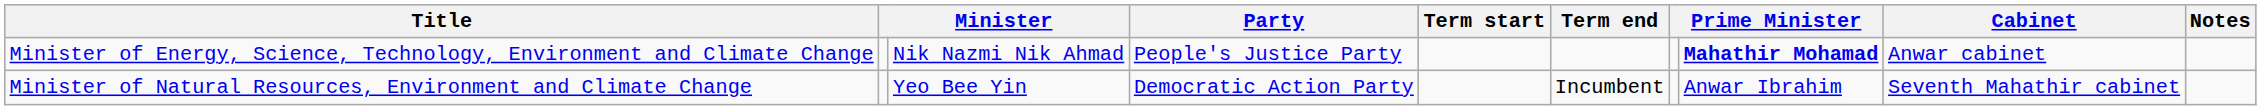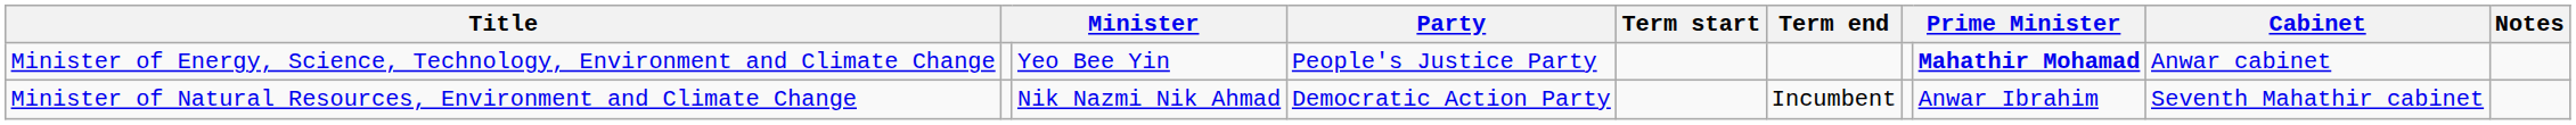 <table class="wikitable sortable">
 <tr>
 <th>Title</th>
 <th colspan=2><a href='#'>Minister</a></th>
 <th><a href='#'>Party</a></th>
 <th>Term start</th>
 <th>Term end</th>
 <th colspan=2><a href='#'>Prime Minister</a></th>
 <th><a href='#'>Cabinet</a></th>
 <th class="unsortable">Notes</th>
 </tr>
 <tr>
 <td><a href='#'>Minister of Energy, Science, Technology, Environment and Climate Change</a></td>
 <td></td>
-<td><a href='#'>Nik Nazmi Nik Ahmad</a></td>
+<td><a href='#'>Yeo Bee Yin</a></td>
 <td><a href='#'>People's Justice Party</a></td>
 <td></td>
 <td></td>
 <td></td>
 <td><strong><a href='#'>Mahathir Mohamad</a></strong></td>
 <td><a href='#'>Anwar cabinet</a></td>
 <td></td>
 </tr>
 <tr>
 <td><a href='#'>Minister of Natural Resources, Environment and Climate Change</a></td>
 <td></td>
-<td><a href='#'>Yeo Bee Yin</a></td>
+<td><a href='#'>Nik Nazmi Nik Ahmad</a></td>
 <td><a href='#'>Democratic Action Party</a></td>
 <td></td>
 <td>Incumbent</td>
 <td></td>
 <td><a href='#'>Anwar Ibrahim</a></td>
 <td><a href='#'>Seventh Mahathir cabinet</a></td>
 <td></td>
 </tr>
 </table>
